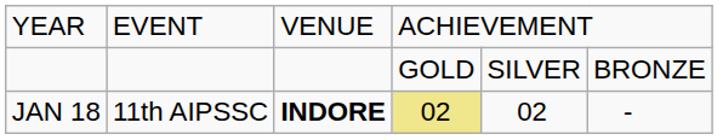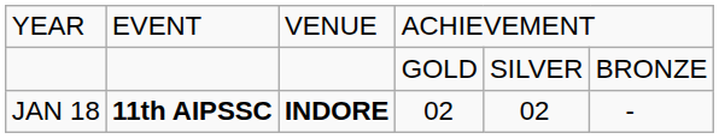 <table class="wikitable">
 <tr>
 <td>YEAR</td>
 <td>EVENT</td>
 <td>VENUE</td>
 <td colspan="3">ACHIEVEMENT</td>
 </tr>
 <tr>
 <td></td>
 <td></td>
 <td></td>
 <td>GOLD</td>
 <td>SILVER</td>
 <td>BRONZE</td>
 </tr>
 <tr>
 <td>JAN 18</td>
-<td>11th AIPSSC</td>
+<td><strong>11th AIPSSC</strong></td>
 <td><strong>INDORE</strong></td>
-<td style="background: khaki;">   02</td>
+<td>   02</td>
 <td>    02</td>
 <td>    -</td>
 </tr>
 </table>
